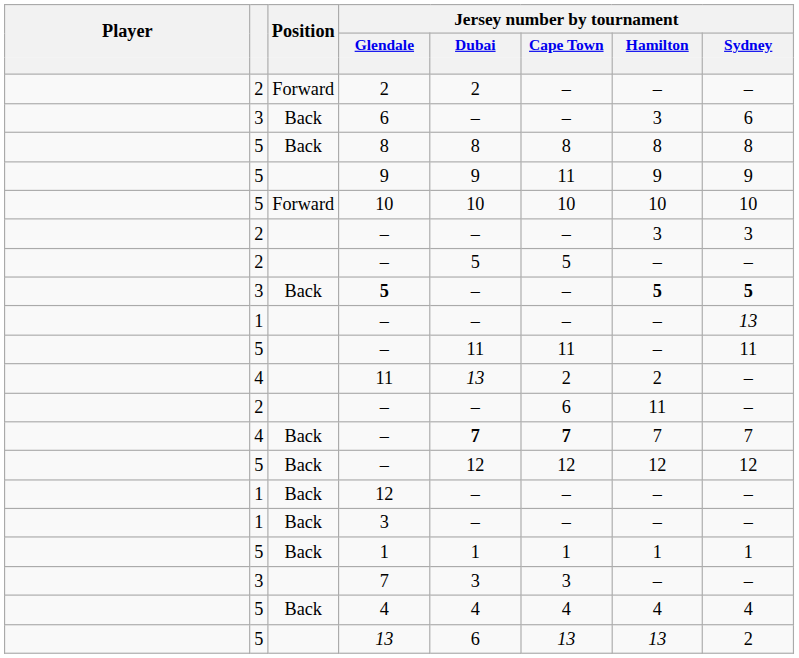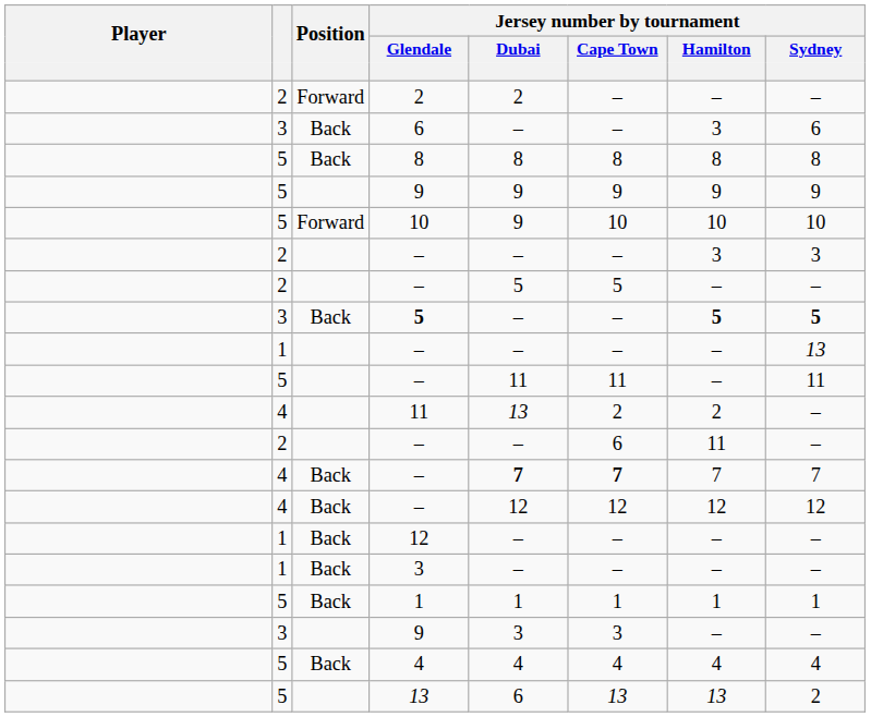 <table class="wikitable sortable" style="text-align:center;">
 <tr>
 <th rowspan=2 style="border-bottom:0; width:13em;">Player</th>
 <th rowspan=2 style="border-bottom:0;"></th>
 <th rowspan=2 style="border-bottom:0;">Position</th>
 <th colspan=8 style="font-size:95%;">Jersey number by tournament</th>
 </tr>
 <tr>
 <th style="vertical-align:top;width:5.5em;border-bottom:1px solid transparent;padding:2px;font-size:85%;"><a href='#'>Glendale</a></th>
 <th style="vertical-align:top;width:5.5em;border-bottom:1px solid transparent;padding:2px;font-size:85%;"><a href='#'>Dubai</a></th>
 <th style="vertical-align:top;width:5.5em;border-bottom:1px solid transparent;padding:2px;font-size:85%;"><a href='#'>Cape Town</a></th>
 <th style="vertical-align:top;width:5.5em;border-bottom:1px solid transparent;padding:2px;font-size:85%;"><a href='#'>Hamilton</a></th>
 <th style="vertical-align:top;width:5.5em;border-bottom:1px solid transparent;padding:2px;font-size:85%;"><a href='#'>Sydney</a></th>
 </tr>
 <tr style="line-height:8px;">
 <th style="border-top:1px solid transparent;"></th>
 <th style="border-top:1px solid transparent;"> </th>
 <th style="border-top:1px solid transparent;"> </th>
 <th data-sort-type="number" style="border-top:1px solid transparent;"></th>
 <th data-sort-type="number" style="border-top:1px solid transparent;"></th>
 <th data-sort-type="number" style="border-top:1px solid transparent;"></th>
 <th data-sort-type="number" style="border-top:1px solid transparent;"></th>
 <th data-sort-type="number" style="border-top:1px solid transparent;"></th>
 </tr>
 <tr>
 <td align=left></td>
 <td>2</td>
 <td>Forward</td>
 <td>2</td>
 <td>2</td>
 <td>–</td>
 <td>–</td>
 <td>–</td>
 </tr>
 <tr>
 <td align=left></td>
 <td>3</td>
 <td>Back</td>
 <td>6</td>
 <td>–</td>
 <td>–</td>
 <td>3</td>
 <td>6</td>
 </tr>
 <tr>
 <td align=left></td>
 <td>5</td>
 <td>Back</td>
 <td>8</td>
 <td>8</td>
 <td>8</td>
 <td>8</td>
 <td>8</td>
 </tr>
 <tr>
 <td align=left></td>
 <td>5</td>
 <td></td>
 <td>9</td>
 <td>9</td>
-<td>11</td>
+<td>9</td>
 <td>9</td>
 <td>9</td>
 </tr>
 <tr>
 <td align=left></td>
 <td>5</td>
 <td>Forward</td>
 <td>10</td>
-<td>10</td>
+<td>9</td>
 <td>10</td>
 <td>10</td>
 <td>10</td>
 </tr>
 <tr>
 <td align=left></td>
 <td>2</td>
 <td></td>
 <td>–</td>
 <td>–</td>
 <td>–</td>
 <td>3</td>
 <td>3</td>
 </tr>
 <tr>
 <td align=left></td>
 <td>2</td>
 <td></td>
 <td>–</td>
 <td>5</td>
 <td>5</td>
 <td>–</td>
 <td>–</td>
 </tr>
 <tr>
 <td align=left></td>
 <td>3</td>
 <td>Back</td>
 <td><strong>5</strong></td>
 <td>–</td>
 <td>–</td>
 <td><strong>5</strong></td>
 <td><strong>5</strong></td>
 </tr>
 <tr>
 <td align=left></td>
 <td>1</td>
 <td></td>
 <td>–</td>
 <td>–</td>
 <td>–</td>
 <td>–</td>
 <td><em>13</em></td>
 </tr>
 <tr>
 <td align=left></td>
 <td>5</td>
 <td></td>
 <td>–</td>
 <td>11</td>
 <td>11</td>
 <td>–</td>
 <td>11</td>
 </tr>
 <tr>
 <td align=left></td>
 <td>4</td>
 <td></td>
 <td>11</td>
 <td><em>13</em></td>
 <td>2</td>
 <td>2</td>
 <td>–</td>
 </tr>
 <tr>
 <td align=left></td>
 <td>2</td>
 <td></td>
 <td>–</td>
 <td>–</td>
 <td>6</td>
 <td>11</td>
 <td>–</td>
 </tr>
 <tr>
 <td align=left></td>
 <td>4</td>
 <td>Back</td>
 <td>–</td>
 <td><strong>7</strong></td>
 <td><strong>7</strong></td>
 <td>7</td>
 <td>7</td>
 </tr>
 <tr>
 <td align=left></td>
-<td>5</td>
+<td>4</td>
 <td>Back</td>
 <td>–</td>
 <td>12</td>
 <td>12</td>
 <td>12</td>
 <td>12</td>
 </tr>
 <tr>
 <td align=left></td>
 <td>1</td>
 <td>Back</td>
 <td>12</td>
 <td>–</td>
 <td>–</td>
 <td>–</td>
 <td>–</td>
 </tr>
 <tr>
 <td align=left></td>
 <td>1</td>
 <td>Back</td>
 <td>3</td>
 <td>–</td>
 <td>–</td>
 <td>–</td>
 <td>–</td>
 </tr>
 <tr>
 <td align=left></td>
 <td>5</td>
 <td>Back</td>
 <td>1</td>
 <td>1</td>
 <td>1</td>
 <td>1</td>
 <td>1</td>
 </tr>
 <tr>
 <td align=left></td>
 <td>3</td>
 <td></td>
-<td>7</td>
+<td>9</td>
 <td>3</td>
 <td>3</td>
 <td>–</td>
 <td>–</td>
 </tr>
 <tr>
 <td align=left></td>
 <td>5</td>
 <td>Back</td>
 <td>4</td>
 <td>4</td>
 <td>4</td>
 <td>4</td>
 <td>4</td>
 </tr>
 <tr>
 <td align=left></td>
 <td>5</td>
 <td></td>
 <td><em>13</em></td>
 <td>6</td>
 <td><em>13</em></td>
 <td><em>13</em></td>
 <td>2</td>
 </tr>
 </table>
